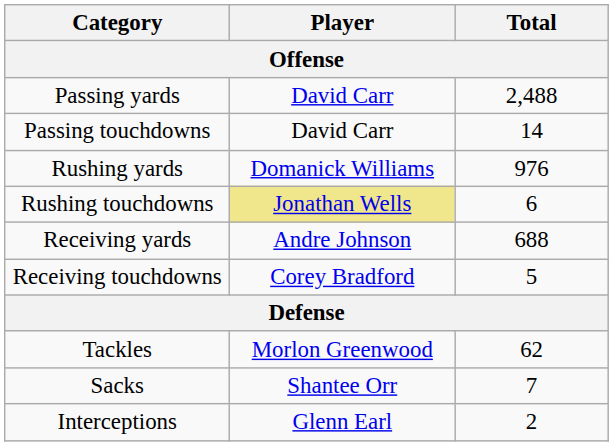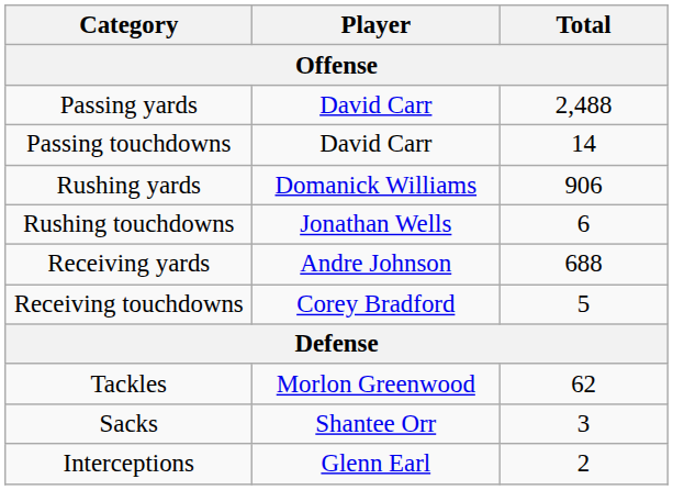 <table class="wikitable" style="text-align:center">
 <tr>
 <th width="150">Category</th>
 <th width="150">Player</th>
 <th width="100">Total</th>
 </tr>
 <tr>
 <th align="center" colspan="4">Offense</th>
 </tr>
 <tr>
 <td>Passing yards</td>
 <td><a href='#'>David Carr</a></td>
 <td>2,488</td>
 </tr>
 <tr>
 <td>Passing touchdowns</td>
 <td>David Carr</td>
 <td>14</td>
 </tr>
 <tr>
 <td>Rushing yards</td>
 <td><a href='#'>Domanick Williams</a></td>
-<td>976</td>
+<td>906</td>
 </tr>
 <tr>
 <td>Rushing touchdowns</td>
-<td style="background: khaki;"><a href='#'>Jonathan Wells</a></td>
+<td><a href='#'>Jonathan Wells</a></td>
 <td>6</td>
 </tr>
 <tr>
 <td>Receiving yards</td>
 <td><a href='#'>Andre Johnson</a></td>
 <td>688</td>
 </tr>
 <tr>
 <td>Receiving touchdowns</td>
 <td><a href='#'>Corey Bradford</a></td>
 <td>5</td>
 </tr>
 <tr>
 <th align="center" colspan="4">Defense</th>
 </tr>
 <tr>
 <td>Tackles </td>
 <td><a href='#'>Morlon Greenwood</a></td>
 <td>62</td>
 </tr>
 <tr>
 <td>Sacks</td>
 <td><a href='#'>Shantee Orr</a></td>
-<td>7</td>
+<td>3</td>
 </tr>
 <tr>
 <td>Interceptions</td>
 <td><a href='#'>Glenn Earl</a></td>
 <td>2</td>
 </tr>
 </table>
